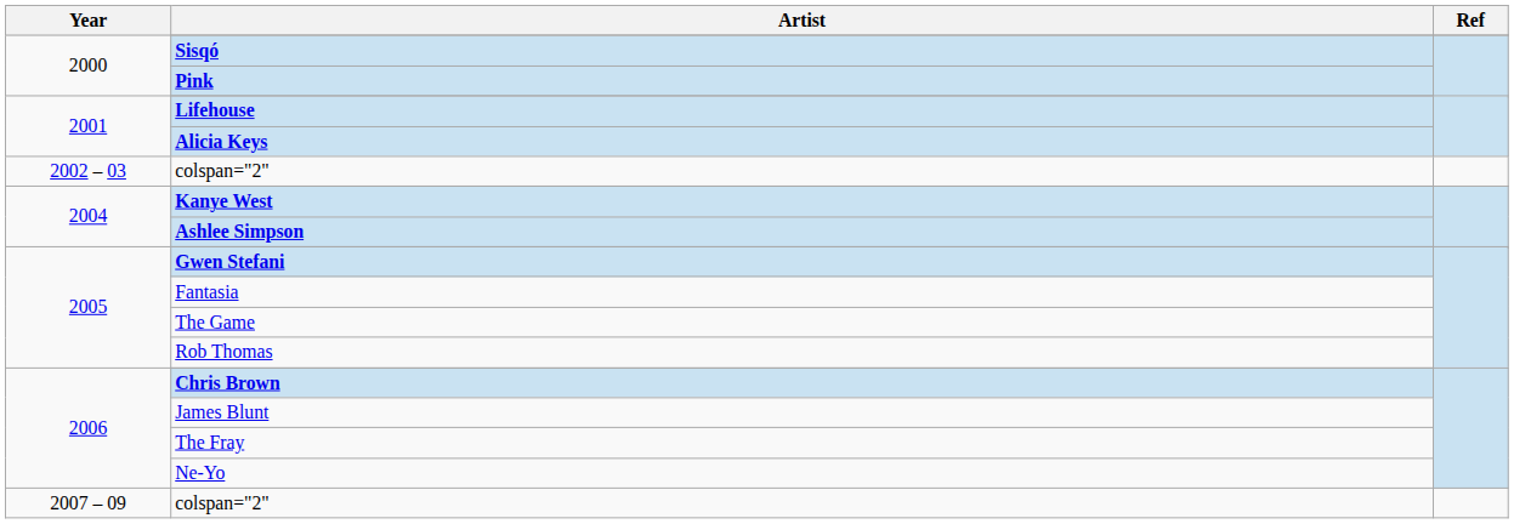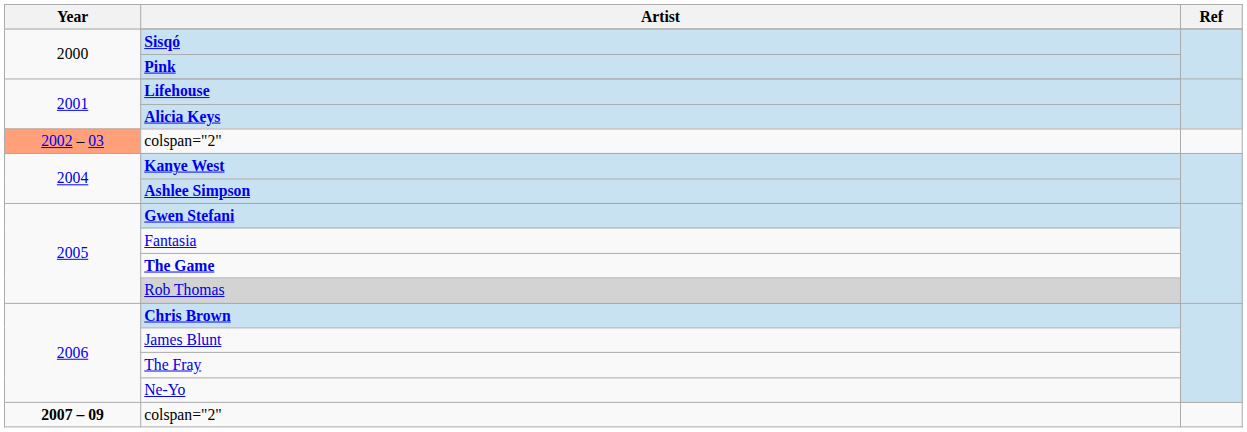 <table class="wikitable" style="width:100%;">
 <tr style="background:#bebebe;">
 <th style="width:11%;">Year</th>
 <th style="width:84%;">Artist</th>
 <th style="width:5%;">Ref</th>
 </tr>
 <tr>
 <td rowspan="3" align="center">2000</td>
 </tr>
 <tr style="background:#c9e2f2">
 <td><strong><a href='#'>Sisqó</a></strong></td>
 <td rowspan="3"></td>
 </tr>
 <tr style="background:#c9e2f2">
 <td><a href='#'><strong>Pink</strong></a></td>
 </tr>
 <tr>
 <td rowspan="3" align="center"><a href='#'>2001</a></td>
 </tr>
 <tr style="background:#c9e2f2">
 <td><strong><a href='#'>Lifehouse</a></strong></td>
 <td rowspan="2" align="center"></td>
 </tr>
 <tr style="background:#c9e2f2">
 <td><strong><a href='#'>Alicia Keys</a></strong></td>
 </tr>
 <tr>
-<td align="center"><a href='#'>2002</a> – <a href='#'>03</a></td>
+<td align="center" style="background: lightsalmon;"><a href='#'>2002</a> – <a href='#'>03</a></td>
 <td>colspan="2" </td>
 </tr>
 <tr>
 <td rowspan="3" align="center"><a href='#'>2004</a></td>
 </tr>
 <tr style="background:#c9e2f2">
 <td><strong><a href='#'>Kanye West</a></strong></td>
 <td rowspan="3" align="center"></td>
 </tr>
 <tr style="background:#c9e2f2">
 <td><strong><a href='#'>Ashlee Simpson</a></strong></td>
 </tr>
 <tr>
 <td rowspan="5" align="center"><a href='#'>2005</a></td>
 </tr>
 <tr style="background:#c9e2f2">
 <td><strong><a href='#'>Gwen Stefani</a></strong></td>
 <td rowspan="5" align="center"></td>
 </tr>
 <tr>
 <td><a href='#'>Fantasia</a></td>
 </tr>
 <tr>
-<td><a href='#'>The Game</a></td>
+<td><strong><a href='#'>The Game</a></strong></td>
 </tr>
 <tr>
-<td><a href='#'>Rob Thomas</a></td>
+<td style="background: lightgrey;"><a href='#'>Rob Thomas</a></td>
 </tr>
 <tr>
 <td rowspan="5" align="center"><a href='#'>2006</a></td>
 </tr>
 <tr style="background:#c9e2f2">
 <td><strong><a href='#'>Chris Brown</a></strong></td>
 <td rowspan="4" align="center"></td>
 </tr>
 <tr>
 <td><a href='#'>James Blunt</a></td>
 </tr>
 <tr>
 <td><a href='#'>The Fray</a></td>
 </tr>
 <tr>
 <td><a href='#'>Ne-Yo</a></td>
 </tr>
 <tr>
-<td align="center">2007 – 09</td>
+<td align="center"><strong>2007 – 09</strong></td>
 <td>colspan="2" </td>
 </tr>
 </table>
